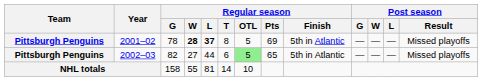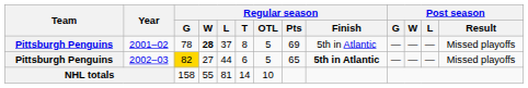 <table class="wikitable" style="font-size: 95%; text-align:center; width: 52em;">
 <tr>
 <th rowspan="2">Team</th>
 <th rowspan="2">Year</th>
 <th colspan="7"><a href='#'>Regular season</a></th>
 <th colspan="5"><a href='#'>Post season</a></th>
 </tr>
 <tr>
 <th>G</th>
 <th>W</th>
 <th>L</th>
 <th>T</th>
 <th>OTL</th>
 <th>Pts</th>
 <th>Finish</th>
 <th>G</th>
 <th>W</th>
 <th>L</th>
 <th>Result</th>
 </tr>
 <tr>
 <th><a href='#'>Pittsburgh Penguins</a></th>
 <td><a href='#'>2001–02</a></td>
 <td>78</td>
 <td><strong>28</strong></td>
-<td><strong>37</strong></td>
+<td>37</td>
 <td>8</td>
 <td>5</td>
 <td>69</td>
 <td>5th in <a href='#'>Atlantic</a></td>
 <td>—</td>
 <td>—</td>
 <td>—</td>
 <td>Missed playoffs</td>
 </tr>
 <tr>
 <th>Pittsburgh Penguins</th>
 <td><a href='#'>2002–03</a></td>
-<td>82</td>
+<td style="background: gold;">82</td>
 <td>27</td>
 <td>44</td>
 <td>6</td>
-<td style="background: lightgreen;">5</td>
+<td>5</td>
 <td>65</td>
-<td>5th in Atlantic</td>
+<td><strong>5th in Atlantic</strong></td>
 <td>—</td>
 <td>—</td>
 <td>—</td>
 <td>Missed playoffs</td>
 </tr>
 <tr>
 <th colspan="2">NHL totals</th>
 <td>158</td>
 <td>55</td>
 <td>81</td>
 <td>14</td>
 <td>10</td>
 <td></td>
 <td></td>
 <td colspan=4></td>
 </tr>
 </table>
